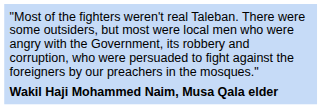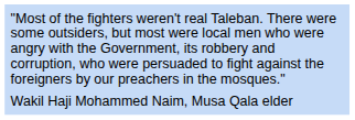 <table class="toccolours" style="float: right; margin-left: 1em; margin-right: 2em; font-size: 85%; background:#c6dbf7; width:25em; max-width: 40%;" cellspacing="5">
 <tr>
 <td style="text-align: left;">"Most of the fighters weren't real Taleban. There were some outsiders, but most were local men who were angry with the Government, its robbery and corruption, who were persuaded to fight against the foreigners by our preachers in the mosques."</td>
 </tr>
 <tr>
-<td style="text-align: left;"><strong>Wakil Haji Mohammed Naim, Musa Qala elder</strong></td>
+<td style="text-align: left;">Wakil Haji Mohammed Naim, Musa Qala elder</td>
 </tr>
 </table>
